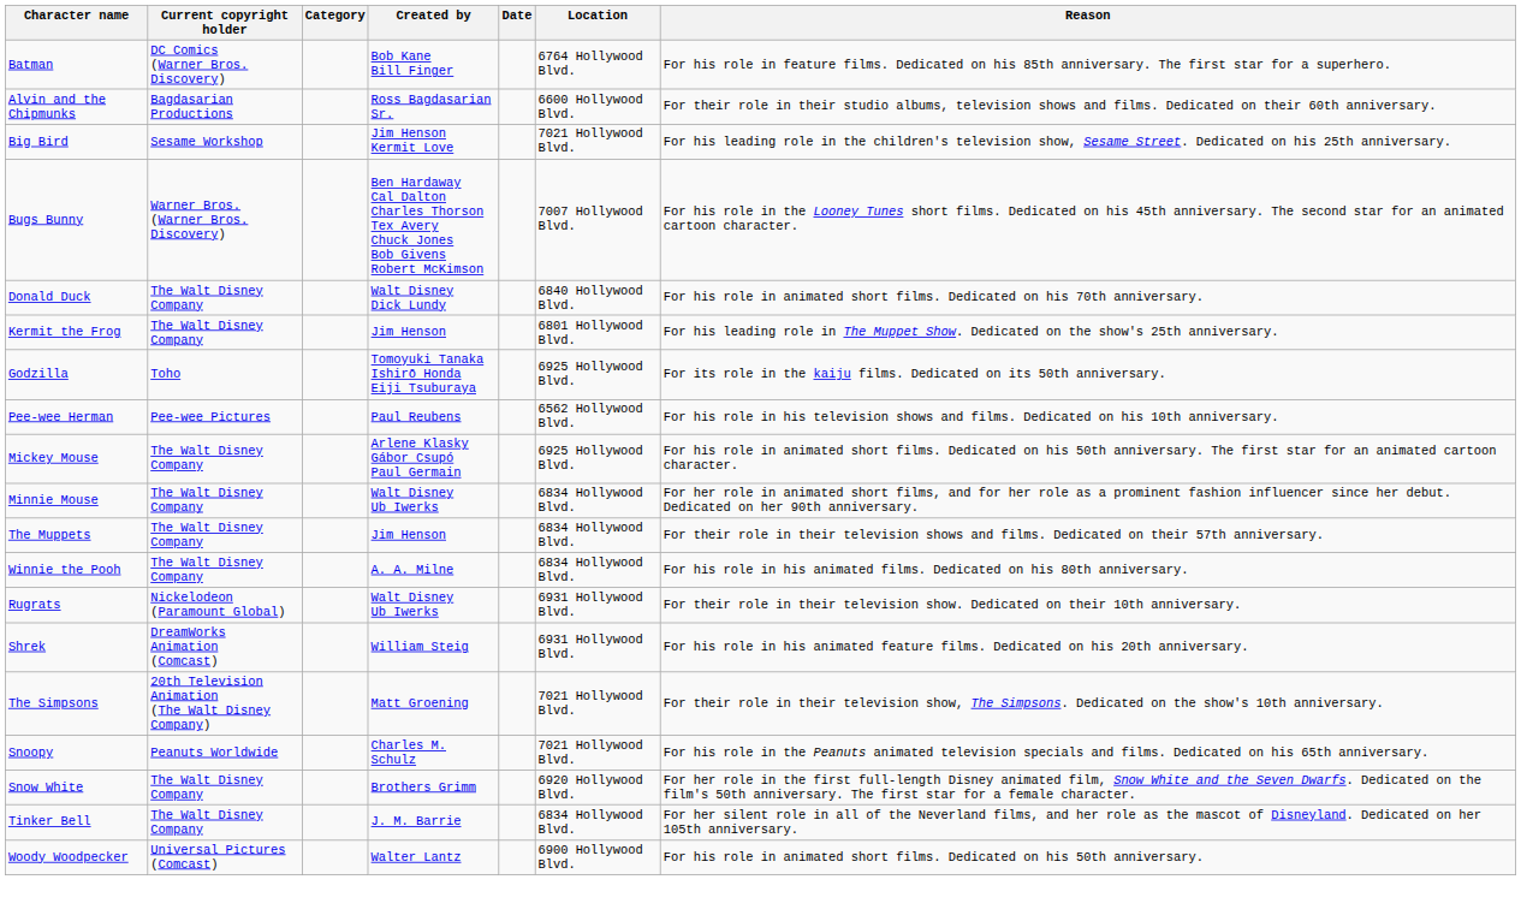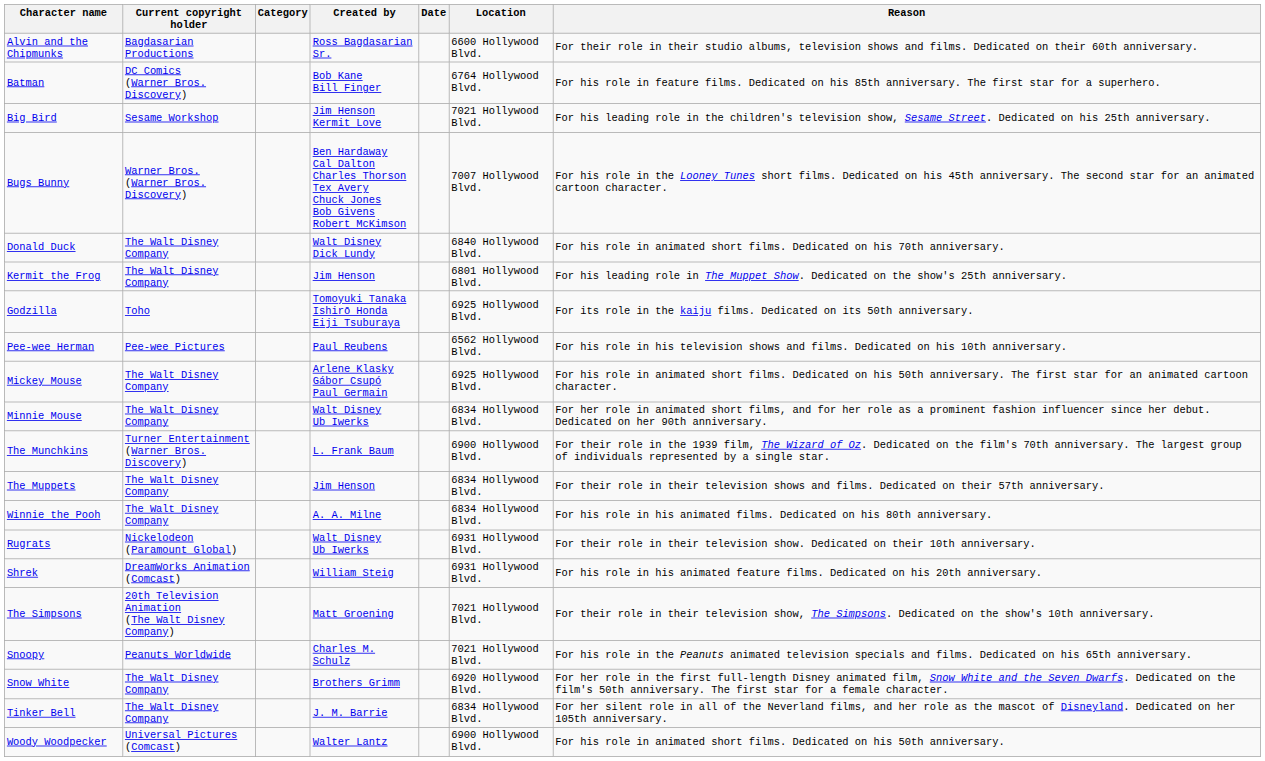 <table class="wikitable sortable">
 <tr valign=baseline>
 <th>Character name</th>
 <th>Current copyright holder</th>
 <th>Category</th>
 <th>Created by</th>
 <th>Date</th>
 <th>Location</th>
 <th>Reason</th>
 </tr>
 <tr>
+<td><a href='#'>Alvin and the Chipmunks</a></td>
+<td><a href='#'>Bagdasarian Productions</a></td>
+<td></td>
+<td><a href='#'>Ross Bagdasarian Sr.</a></td>
+<td></td>
+<td>6600 Hollywood Blvd.</td>
+<td>For their role in their studio albums, television shows and films. Dedicated on their 60th anniversary.</td>
+</tr>
+<tr>
 <td><a href='#'>Batman</a></td>
 <td><a href='#'>DC Comics</a> <br> (<a href='#'>Warner Bros. Discovery</a>)</td>
 <td></td>
 <td><a href='#'>Bob Kane</a><br><a href='#'>Bill Finger</a></td>
 <td></td>
 <td>6764 Hollywood Blvd.</td>
 <td>For his role in feature films. Dedicated on his 85th anniversary. The first star for a superhero.</td>
-</tr>
-<tr>
-<td><a href='#'>Alvin and the Chipmunks</a></td>
-<td><a href='#'>Bagdasarian Productions</a></td>
-<td></td>
-<td><a href='#'>Ross Bagdasarian Sr.</a></td>
-<td></td>
-<td>6600 Hollywood Blvd.</td>
-<td>For their role in their studio albums, television shows and films. Dedicated on their 60th anniversary.</td>
 </tr>
 <tr>
 <td><a href='#'>Big Bird</a></td>
 <td><a href='#'>Sesame Workshop</a></td>
 <td></td>
 <td><a href='#'>Jim Henson</a><br><a href='#'>Kermit Love</a></td>
 <td></td>
 <td>7021 Hollywood Blvd.</td>
 <td>For his leading role in the children's television show, <em><a href='#'>Sesame Street</a></em>. Dedicated on his 25th anniversary.</td>
 </tr>
 <tr>
 <td><a href='#'>Bugs Bunny</a></td>
 <td><a href='#'>Warner Bros.</a> <br> (<a href='#'>Warner Bros. Discovery</a>)</td>
 <td></td>
 <td><br><a href='#'>Ben Hardaway</a><br> <a href='#'>Cal Dalton</a><br><a href='#'>Charles Thorson</a>  <br><a href='#'>Tex Avery</a> <br><a href='#'>Chuck Jones</a><br> <a href='#'>Bob Givens</a><br> <a href='#'>Robert McKimson</a></td>
 <td></td>
 <td>7007 Hollywood Blvd.</td>
 <td>For his role in the <em><a href='#'>Looney Tunes</a></em> short films. Dedicated on his 45th anniversary. The second star for an animated cartoon character.</td>
 </tr>
 <tr>
 <td><a href='#'>Donald Duck</a></td>
 <td><a href='#'>The Walt Disney Company</a></td>
 <td></td>
 <td><a href='#'>Walt Disney</a><br><a href='#'>Dick Lundy</a></td>
 <td></td>
 <td>6840 Hollywood Blvd.</td>
 <td>For his role in animated short films. Dedicated on his 70th anniversary.</td>
 </tr>
 <tr>
 <td><a href='#'>Kermit the Frog</a></td>
 <td><a href='#'>The Walt Disney Company</a></td>
 <td></td>
 <td><a href='#'>Jim Henson</a></td>
 <td></td>
 <td>6801 Hollywood Blvd.</td>
 <td>For his leading role in <em><a href='#'>The Muppet Show</a></em>. Dedicated on the show's 25th anniversary.</td>
 </tr>
 <tr>
 <td><a href='#'>Godzilla</a></td>
 <td><a href='#'>Toho</a></td>
 <td></td>
 <td><a href='#'>Tomoyuki Tanaka</a><br><a href='#'>Ishirō Honda</a><br><a href='#'>Eiji Tsuburaya</a></td>
 <td></td>
 <td>6925 Hollywood Blvd.</td>
 <td>For its role in the <a href='#'>kaiju</a> films. Dedicated on its 50th anniversary.</td>
 </tr>
 <tr>
 <td><a href='#'>Pee-wee Herman</a></td>
 <td><a href='#'>Pee-wee Pictures</a></td>
 <td></td>
 <td><a href='#'>Paul Reubens</a></td>
 <td></td>
 <td>6562 Hollywood Blvd.</td>
 <td>For his role in his television shows and films. Dedicated on his 10th anniversary.</td>
 </tr>
 <tr>
 <td><a href='#'>Mickey Mouse</a></td>
 <td><a href='#'>The Walt Disney Company</a></td>
 <td></td>
 <td><a href='#'>Arlene Klasky</a><br><a href='#'>Gábor Csupó</a><br><a href='#'>Paul Germain</a></td>
 <td></td>
 <td>6925 Hollywood Blvd.</td>
 <td>For his role in animated short films. Dedicated on his 50th anniversary. The first star for an animated cartoon character.</td>
 </tr>
 <tr>
 <td><a href='#'>Minnie Mouse</a></td>
 <td><a href='#'>The Walt Disney Company</a></td>
 <td></td>
 <td><a href='#'>Walt Disney</a><br><a href='#'>Ub Iwerks</a></td>
 <td></td>
 <td>6834 Hollywood Blvd.</td>
 <td>For her role in animated short films, and for her role as a prominent fashion influencer since her debut. Dedicated on her 90th anniversary.</td>
+</tr>
+<tr>
+<td><a href='#'>The Munchkins</a></td>
+<td><a href='#'>Turner Entertainment</a> <br> (<a href='#'>Warner Bros. Discovery</a>)</td>
+<td></td>
+<td><a href='#'>L. Frank Baum</a></td>
+<td></td>
+<td>6900 Hollywood Blvd.</td>
+<td>For their role in the 1939 film, <em><a href='#'>The Wizard of Oz</a></em>. Dedicated on the film's 70th anniversary. The largest group of individuals represented by a single star.</td>
 </tr>
 <tr>
 <td><a href='#'>The Muppets</a></td>
 <td><a href='#'>The Walt Disney Company</a></td>
 <td></td>
 <td><a href='#'>Jim Henson</a></td>
 <td></td>
 <td>6834 Hollywood Blvd.</td>
 <td>For their role in their television shows and films. Dedicated on their 57th anniversary.</td>
 </tr>
 <tr>
 <td><a href='#'>Winnie the Pooh</a></td>
 <td><a href='#'>The Walt Disney Company</a></td>
 <td></td>
 <td><a href='#'>A. A. Milne</a></td>
 <td></td>
 <td>6834 Hollywood Blvd.</td>
 <td>For his role in his animated films. Dedicated on his 80th anniversary.</td>
 </tr>
 <tr>
 <td><a href='#'>Rugrats</a></td>
 <td><a href='#'>Nickelodeon</a> <br> (<a href='#'>Paramount Global</a>)</td>
 <td></td>
 <td><a href='#'>Walt Disney</a><br><a href='#'>Ub Iwerks</a></td>
 <td></td>
 <td>6931 Hollywood Blvd.</td>
 <td>For their role in their television show. Dedicated on their 10th anniversary.</td>
 </tr>
 <tr>
 <td><a href='#'>Shrek</a></td>
 <td><a href='#'>DreamWorks Animation</a> <br> (<a href='#'>Comcast</a>)</td>
 <td></td>
 <td><a href='#'>William Steig</a></td>
 <td></td>
 <td>6931 Hollywood Blvd.</td>
 <td>For his role in his animated feature films. Dedicated on his 20th anniversary.</td>
 </tr>
 <tr>
 <td><a href='#'>The Simpsons</a></td>
 <td><a href='#'>20th Television Animation</a> <br> (<a href='#'>The Walt Disney Company</a>)</td>
 <td></td>
 <td><a href='#'>Matt Groening</a></td>
 <td></td>
 <td>7021 Hollywood Blvd.</td>
 <td>For their role in their television show, <em><a href='#'>The Simpsons</a></em>. Dedicated on the show's 10th anniversary.</td>
 </tr>
 <tr>
 <td><a href='#'>Snoopy</a></td>
 <td><a href='#'>Peanuts Worldwide</a></td>
 <td></td>
 <td><a href='#'>Charles M. Schulz</a></td>
 <td></td>
 <td>7021 Hollywood Blvd.</td>
 <td>For his role in the <em>Peanuts</em> animated television specials and films. Dedicated on his 65th anniversary.</td>
 </tr>
 <tr>
 <td><a href='#'>Snow White</a></td>
 <td><a href='#'>The Walt Disney Company</a></td>
 <td></td>
 <td><a href='#'>Brothers Grimm</a></td>
 <td></td>
 <td>6920 Hollywood Blvd.</td>
 <td>For her role in the first full-length Disney animated film, <a href='#'><em>Snow White and the Seven Dwarfs</em></a>. Dedicated on the film's 50th anniversary. The first star for a female character.</td>
 </tr>
 <tr>
 <td><a href='#'>Tinker Bell</a></td>
 <td><a href='#'>The Walt Disney Company</a></td>
 <td></td>
 <td><a href='#'>J. M. Barrie</a></td>
 <td></td>
 <td>6834 Hollywood Blvd.</td>
 <td>For her silent role in all of the Neverland films, and her role as the mascot of <a href='#'>Disneyland</a>. Dedicated on her 105th anniversary.</td>
 </tr>
 <tr>
 <td><a href='#'>Woody Woodpecker</a></td>
 <td><a href='#'>Universal Pictures</a> <br> (<a href='#'>Comcast</a>)</td>
 <td></td>
 <td><a href='#'>Walter Lantz</a></td>
 <td></td>
 <td>6900 Hollywood Blvd.</td>
 <td>For his role in animated short films. Dedicated on his 50th anniversary.</td>
 </tr>
 </table>
